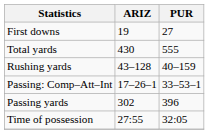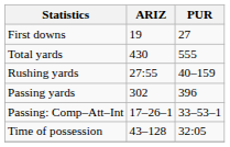 <table class="wikitable" style="float: left;">
 <tr>
 <th>Statistics</th>
 <th>ARIZ</th>
 <th>PUR</th>
 </tr>
 <tr>
 <td>First downs</td>
 <td>19</td>
 <td>27</td>
 </tr>
 <tr>
 <td>Total yards</td>
 <td>430</td>
 <td>555</td>
 </tr>
 <tr>
 <td>Rushing yards</td>
-<td>43–128</td>
+<td>27:55</td>
 <td>40–159</td>
+</tr>
+<tr>
+<td>Passing yards</td>
+<td>302</td>
+<td>396</td>
 </tr>
 <tr>
 <td>Passing: Comp–Att–Int</td>
 <td>17–26–1</td>
 <td>33–53–1</td>
 </tr>
 <tr>
-<td>Passing yards</td>
-<td>302</td>
-<td>396</td>
-</tr>
-<tr>
 <td>Time of possession</td>
-<td>27:55</td>
+<td>43–128</td>
 <td>32:05</td>
 </tr>
 <tr>
 </tr>
 </table>
